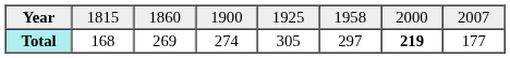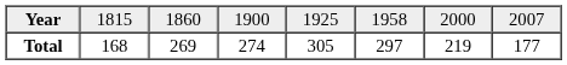 <table border="1" cellpadding="2" cellspacing="0" width="500">
 <tr bgcolor="#eeeeee" align="center">
 <td><strong>Year</strong></td>
 <td>1815</td>
 <td>1860</td>
 <td>1900</td>
 <td>1925</td>
 <td>1958</td>
 <td>2000</td>
 <td>2007</td>
 </tr>
 <tr align="center">
-<td style="background: paleturquoise;"><strong>Total</strong></td>
+<td><strong>Total</strong></td>
 <td>168</td>
 <td>269</td>
 <td>274</td>
 <td>305</td>
 <td>297</td>
-<td><strong>219</strong></td>
+<td>219</td>
 <td>177</td>
 </tr>
 </table>
